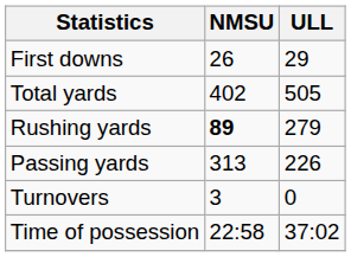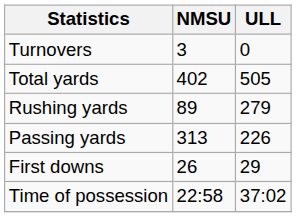 <table class="wikitable" style="float: left;">
 <tr>
 <th>Statistics</th>
 <th>NMSU</th>
 <th>ULL</th>
 </tr>
 <tr>
-<td>First downs</td>
-<td>26</td>
-<td>29</td>
+<td>Turnovers</td>
+<td>3</td>
+<td>0</td>
 </tr>
 <tr>
 <td>Total yards</td>
 <td>402</td>
 <td>505</td>
 </tr>
 <tr>
 <td>Rushing yards</td>
-<td><strong>89</strong></td>
+<td>89</td>
 <td>279</td>
 </tr>
 <tr>
 <td>Passing yards</td>
 <td>313</td>
 <td>226</td>
 </tr>
 <tr>
-<td>Turnovers</td>
-<td>3</td>
-<td>0</td>
+<td>First downs</td>
+<td>26</td>
+<td>29</td>
 </tr>
 <tr>
 <td>Time of possession</td>
 <td>22:58</td>
 <td>37:02</td>
 </tr>
 <tr>
 </tr>
 </table>
